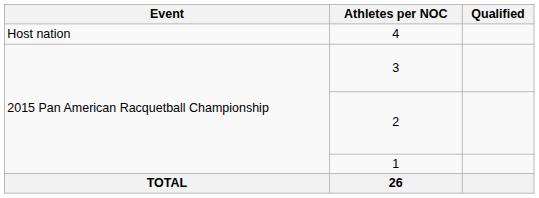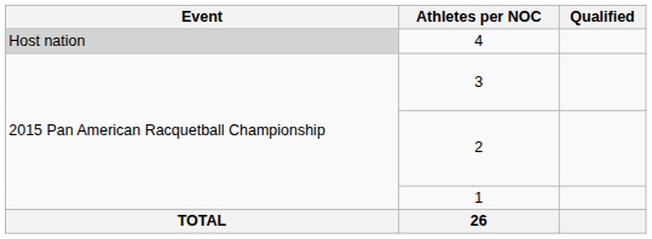 <table class="wikitable" width=680>
 <tr>
 <th>Event</th>
 <th>Athletes per NOC</th>
 <th>Qualified</th>
 </tr>
 <tr>
-<td>Host nation</td>
+<td style="background: lightgrey;">Host nation</td>
 <td align=center>4</td>
 <td></td>
 </tr>
 <tr>
 <td rowspan="3">2015 Pan American Racquetball Championship</td>
 <td align=center>3</td>
 <td><br><br><br></td>
 </tr>
 <tr>
 <td align=center>2</td>
 <td><br><br><br><br></td>
 </tr>
 <tr>
 <td align=center>1</td>
 <td></td>
 </tr>
 <tr>
 <th>TOTAL</th>
 <th>26</th>
 <th></th>
 </tr>
 </table>
